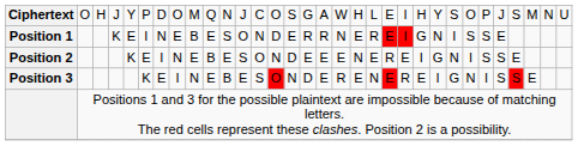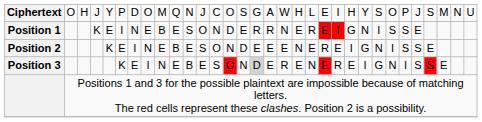 <table class="wikitable" | border=1 style="margin: 1em auto 1em auto">
 <tr align=center>
 <th align=left>Ciphertext</th>
 <td>O</td>
 <td>H</td>
 <td>J</td>
 <td>Y</td>
 <td>P</td>
 <td>D</td>
 <td>O</td>
 <td>M</td>
 <td>Q</td>
 <td>N</td>
 <td>J</td>
 <td>C</td>
 <td>O</td>
 <td>S</td>
 <td>G</td>
 <td>A</td>
 <td>W</td>
 <td>H</td>
 <td>L</td>
 <td>E</td>
 <td>I</td>
 <td>H</td>
 <td>Y</td>
 <td>S</td>
 <td>O</td>
 <td>P</td>
 <td>J</td>
 <td>S</td>
 <td>M</td>
 <td>N</td>
 <td>U</td>
 </tr>
 <tr align=center>
 <th align=left>Position 1</th>
 <td></td>
 <td></td>
 <td>K</td>
 <td>E</td>
 <td>I</td>
 <td>N</td>
 <td>E</td>
 <td>B</td>
 <td>E</td>
 <td>S</td>
 <td>O</td>
 <td>N</td>
 <td>D</td>
 <td>E</td>
 <td>R</td>
 <td>R</td>
 <td>N</td>
 <td>E</td>
 <td>R</td>
 <td style="background:red">E</td>
 <td style="background:red">I</td>
 <td>G</td>
 <td>N</td>
 <td>I</td>
 <td>S</td>
 <td>S</td>
 <td>E</td>
 <td></td>
 <td></td>
 <td></td>
 <td></td>
 </tr>
 <tr align=center>
 <th align=left>Position 2</th>
 <td></td>
 <td></td>
 <td></td>
 <td>K</td>
 <td>E</td>
 <td>I</td>
 <td>N</td>
 <td>E</td>
 <td>B</td>
 <td>E</td>
 <td>S</td>
 <td>O</td>
 <td>N</td>
 <td>D</td>
 <td>E</td>
 <td>E</td>
 <td>E</td>
 <td>N</td>
 <td>E</td>
 <td>R</td>
 <td>E</td>
 <td>I</td>
 <td>G</td>
 <td>N</td>
 <td>I</td>
 <td>S</td>
 <td>S</td>
 <td>E</td>
 <td></td>
 <td></td>
 <td></td>
 </tr>
 <tr align=center>
 <th align=left>Position 3</th>
 <td></td>
 <td></td>
 <td></td>
 <td></td>
 <td>K</td>
 <td>E</td>
 <td>I</td>
 <td>N</td>
 <td>E</td>
 <td>B</td>
 <td>E</td>
 <td>S</td>
 <td style="background:red">O</td>
 <td>N</td>
-<td>D</td>
+<td style="background: lightgrey;">D</td>
 <td>E</td>
 <td>R</td>
 <td>E</td>
 <td>N</td>
 <td style="background:red">E</td>
 <td>R</td>
 <td>E</td>
 <td>I</td>
 <td>G</td>
 <td>N</td>
 <td>I</td>
 <td>S</td>
 <td style="background:red">S</td>
 <td>E</td>
 <td></td>
 <td></td>
 </tr>
 <tr>
 <th></th>
 <td colspan="31" align="center">Positions 1 and 3 for the possible plaintext are impossible because of matching letters.<br>The red cells represent these <em>clashes</em>. Position 2 is a possibility.</td>
 </tr>
 <tr>
 </tr>
 </table>
